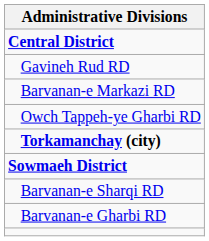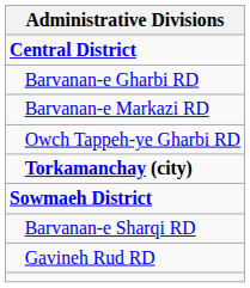 <table class="wikitable">
 <tr>
 <th>Administrative Divisions</th>
 </tr>
 <tr>
 <td><strong><a href='#'>Central District</a></strong></td>
 </tr>
 <tr>
-<td style="padding-left: 1em;"><a href='#'>Gavineh Rud RD</a></td>
+<td style="padding-left: 1em;"><a href='#'>Barvanan-e Gharbi RD</a></td>
 </tr>
 <tr>
 <td style="padding-left: 1em;"><a href='#'>Barvanan-e Markazi RD</a></td>
 </tr>
 <tr>
 <td style="padding-left: 1em;"><a href='#'>Owch Tappeh-ye Gharbi RD</a></td>
 </tr>
 <tr>
 <td style="padding-left: 1em;"><strong><a href='#'>Torkamanchay</a> (city)</strong></td>
 </tr>
 <tr>
 <td><strong><a href='#'>Sowmaeh District</a></strong></td>
 </tr>
 <tr>
 <td style="padding-left: 1em;"><a href='#'>Barvanan-e Sharqi RD</a></td>
 </tr>
 <tr>
-<td style="padding-left: 1em;"><a href='#'>Barvanan-e Gharbi RD</a></td>
+<td style="padding-left: 1em;"><a href='#'>Gavineh Rud RD</a></td>
 </tr>
 <tr>
 <td colspan=1></td>
 </tr>
 </table>
